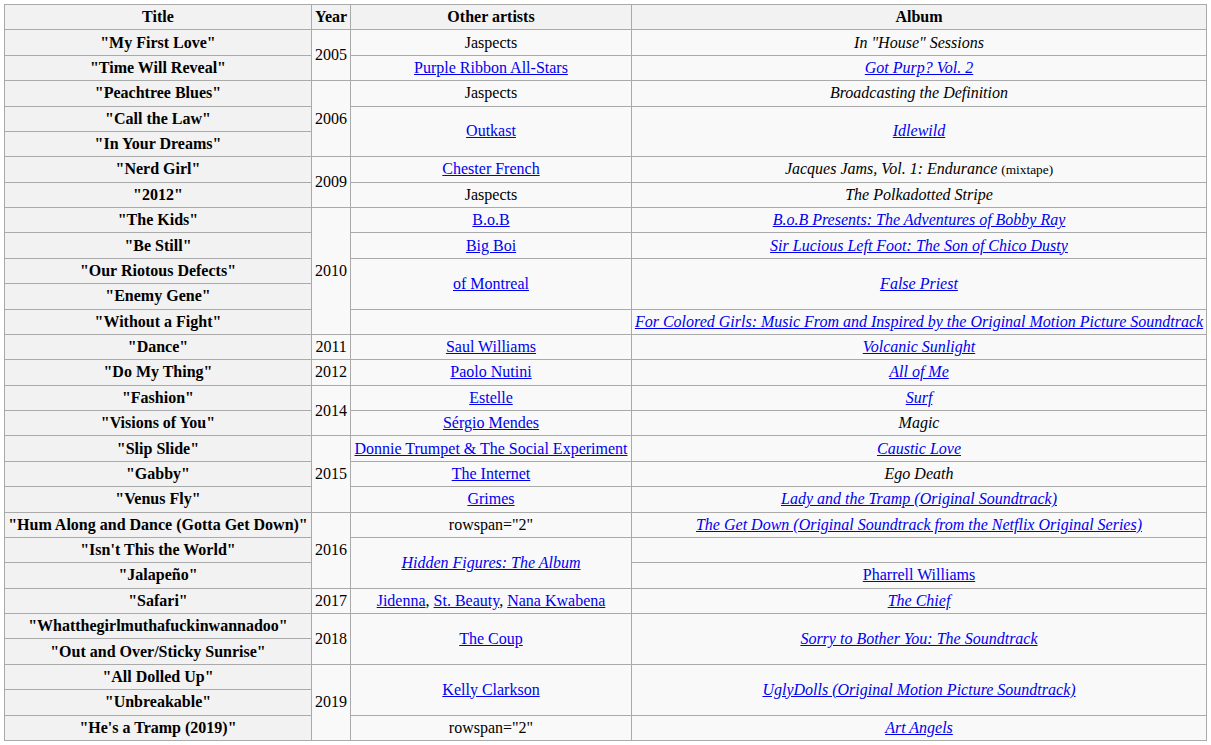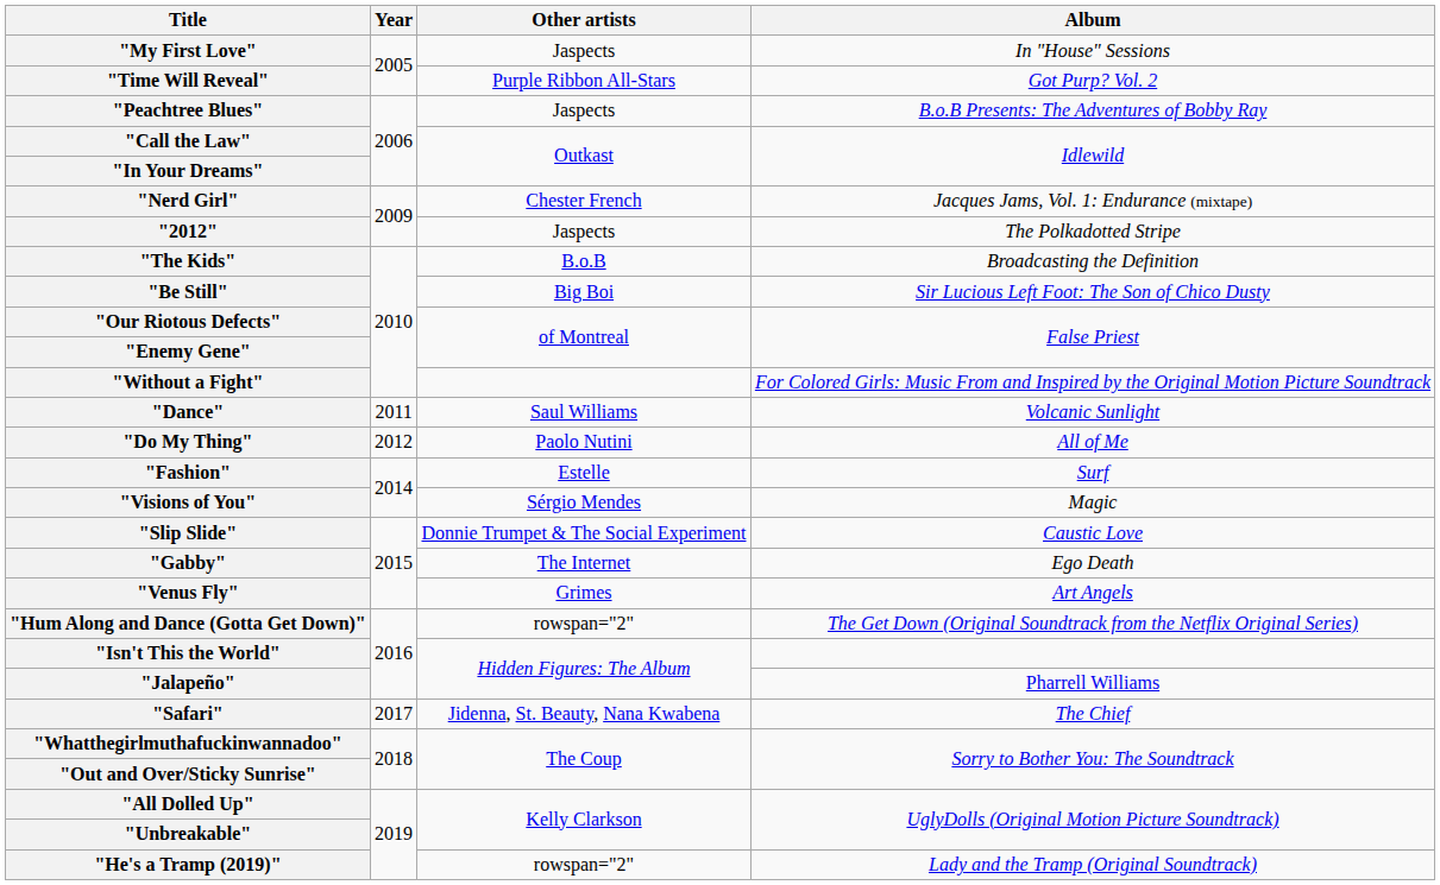 <table class="wikitable sortable plainrowheaders" style="text-align: center;">
 <tr>
 <th scope="col">Title</th>
 <th scope="col">Year</th>
 <th scope="col">Other artists</th>
 <th scope="col">Album</th>
 </tr>
 <tr>
 <th scope="row">"My First Love"</th>
 <td rowspan="2">2005</td>
 <td>Jaspects</td>
 <td><em>In "House" Sessions</em></td>
 </tr>
 <tr>
 <th scope="row">"Time Will Reveal"</th>
 <td><a href='#'>Purple Ribbon All-Stars</a></td>
 <td><em><a href='#'>Got Purp? Vol. 2</a></em></td>
 </tr>
 <tr>
 <th scope="row">"Peachtree Blues"</th>
 <td rowspan="3">2006</td>
 <td>Jaspects</td>
-<td><em>Broadcasting the Definition</em></td>
+<td><em><a href='#'>B.o.B Presents: The Adventures of Bobby Ray</a></em></td>
 </tr>
 <tr>
 <th scope="row">"Call the Law"</th>
 <td rowspan="2"><a href='#'>Outkast</a></td>
 <td rowspan="2"><em><a href='#'>Idlewild</a></em></td>
 </tr>
 <tr>
 <th scope="row">"In Your Dreams"</th>
 </tr>
 <tr>
 <th scope="row">"Nerd Girl"</th>
 <td rowspan="2">2009</td>
 <td><a href='#'>Chester French</a></td>
 <td><em>Jacques Jams, Vol. 1: Endurance</em> <small>(mixtape)</small></td>
 </tr>
 <tr>
 <th scope="row">"2012"</th>
 <td>Jaspects</td>
 <td><em>The Polkadotted Stripe</em></td>
 </tr>
 <tr>
 <th scope="row">"The Kids"</th>
 <td rowspan="5">2010</td>
 <td><a href='#'>B.o.B</a></td>
-<td><em><a href='#'>B.o.B Presents: The Adventures of Bobby Ray</a></em></td>
+<td><em>Broadcasting the Definition</em></td>
 </tr>
 <tr>
 <th scope="row">"Be Still"</th>
 <td><a href='#'>Big Boi</a></td>
 <td><em><a href='#'>Sir Lucious Left Foot: The Son of Chico Dusty</a></em></td>
 </tr>
 <tr>
 <th scope="row">"Our Riotous Defects"</th>
 <td rowspan="2"><a href='#'>of Montreal</a></td>
 <td rowspan="2"><em><a href='#'>False Priest</a></em></td>
 </tr>
 <tr>
 <th scope="row">"Enemy Gene"</th>
 </tr>
 <tr>
 <th scope="row">"Without a Fight"</th>
 <td></td>
 <td><em><a href='#'>For Colored Girls: Music From and Inspired by the Original Motion Picture Soundtrack</a></em></td>
 </tr>
 <tr>
 <th scope="row">"Dance"</th>
 <td>2011</td>
 <td><a href='#'>Saul Williams</a></td>
 <td><em><a href='#'>Volcanic Sunlight</a></em></td>
 </tr>
 <tr>
 <th scope="row">"Do My Thing"</th>
 <td>2012</td>
 <td><a href='#'>Paolo Nutini</a></td>
 <td><em><a href='#'>All of Me</a></em></td>
 </tr>
 <tr>
 <th scope="row">"Fashion"</th>
 <td rowspan="2">2014</td>
 <td><a href='#'>Estelle</a></td>
 <td><em><a href='#'>Surf</a></em></td>
 </tr>
 <tr>
 <th scope="row">"Visions of You"</th>
 <td><a href='#'>Sérgio Mendes</a></td>
 <td><em>Magic</em></td>
 </tr>
 <tr>
 <th scope="row">"Slip Slide"</th>
 <td rowspan="3">2015</td>
 <td><a href='#'>Donnie Trumpet & The Social Experiment</a></td>
 <td><em><a href='#'>Caustic Love</a></em></td>
 </tr>
 <tr>
 <th scope="row">"Gabby"</th>
 <td><a href='#'>The Internet</a></td>
 <td><em>Ego Death</em></td>
 </tr>
 <tr>
 <th scope="row">"Venus Fly"</th>
 <td><a href='#'>Grimes</a></td>
-<td><em><a href='#'>Lady and the Tramp (Original Soundtrack)</a></em></td>
+<td><em><a href='#'>Art Angels</a></em></td>
 </tr>
 <tr>
 <th scope="row">"Hum Along and Dance (Gotta Get Down)"</th>
 <td rowspan="3">2016</td>
 <td>rowspan="2" </td>
 <td><em><a href='#'>The Get Down (Original Soundtrack from the Netflix Original Series)</a></em></td>
 </tr>
 <tr>
 <th scope="row">"Isn't This the World"</th>
 <td rowspan="2"><em><a href='#'>Hidden Figures: The Album</a></em></td>
 </tr>
 <tr>
 <th scope="row">"Jalapeño"</th>
 <td><a href='#'>Pharrell Williams</a></td>
 </tr>
 <tr>
 <th scope="row">"Safari"</th>
 <td>2017</td>
 <td><a href='#'>Jidenna</a>, <a href='#'>St. Beauty</a>, <a href='#'>Nana Kwabena</a></td>
 <td><em><a href='#'>The Chief</a></em></td>
 </tr>
 <tr>
 <th scope="row">"Whatthegirlmuthafuckinwannadoo"</th>
 <td rowspan="2">2018</td>
 <td rowspan="2"><a href='#'>The Coup</a></td>
 <td rowspan="2"><em><a href='#'>Sorry to Bother You: The Soundtrack</a></em></td>
 </tr>
 <tr>
 <th scope="row">"Out and Over/Sticky Sunrise"</th>
 </tr>
 <tr>
 <th scope="row">"All Dolled Up"</th>
 <td rowspan="3">2019</td>
 <td rowspan="2"><a href='#'>Kelly Clarkson</a></td>
 <td rowspan="2"><em><a href='#'>UglyDolls (Original Motion Picture Soundtrack)</a></em></td>
 </tr>
 <tr>
 <th scope="row">"Unbreakable"</th>
 </tr>
 <tr>
 <th scope="row">"He's a Tramp (2019)"</th>
 <td>rowspan="2" </td>
-<td><em><a href='#'>Art Angels</a></em></td>
+<td><em><a href='#'>Lady and the Tramp (Original Soundtrack)</a></em></td>
 </tr>
 </table>
